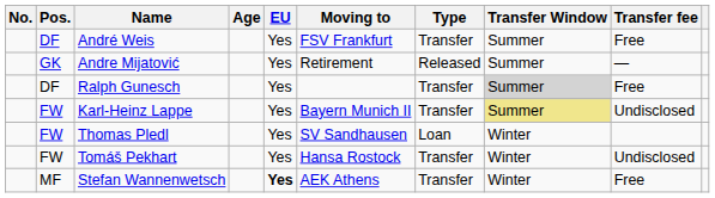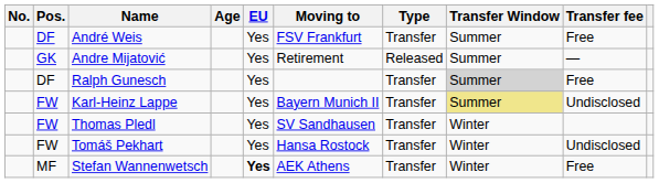 <table class="wikitable" Style="font-size:90%">
 <tr>
 <th>No.</th>
 <th>Pos.</th>
 <th>Name</th>
 <th>Age</th>
 <th><a href='#'>EU</a></th>
 <th>Moving to</th>
 <th>Type</th>
 <th>Transfer Window</th>
 <th>Transfer fee</th>
 <th></th>
 </tr>
 <tr>
 <td></td>
 <td><a href='#'>DF</a></td>
 <td> <a href='#'>André Weis</a></td>
 <td></td>
 <td>Yes</td>
 <td><a href='#'>FSV Frankfurt</a></td>
 <td>Transfer</td>
 <td>Summer</td>
 <td>Free</td>
 <td></td>
 </tr>
 <tr>
 <td></td>
 <td><a href='#'>GK</a></td>
 <td> <a href='#'>Andre Mijatović</a></td>
 <td></td>
 <td>Yes</td>
 <td>Retirement</td>
 <td>Released</td>
 <td>Summer</td>
 <td>—</td>
 <td></td>
 </tr>
 <tr>
 <td></td>
 <td>DF</td>
 <td> <a href='#'>Ralph Gunesch</a></td>
 <td></td>
 <td>Yes</td>
 <td></td>
 <td>Transfer</td>
 <td style="background: lightgrey;">Summer</td>
 <td>Free</td>
 <td></td>
 </tr>
 <tr>
 <td></td>
 <td><a href='#'>FW</a></td>
 <td> <a href='#'>Karl-Heinz Lappe</a></td>
 <td></td>
 <td>Yes</td>
 <td><a href='#'>Bayern Munich II</a></td>
 <td>Transfer</td>
 <td style="background: khaki;">Summer</td>
 <td>Undisclosed</td>
 <td></td>
 </tr>
 <tr>
 <td></td>
 <td><a href='#'>FW</a></td>
 <td> <a href='#'>Thomas Pledl</a></td>
 <td></td>
 <td>Yes</td>
 <td><a href='#'>SV Sandhausen</a></td>
-<td>Loan</td>
+<td>Transfer</td>
 <td>Winter</td>
 <td></td>
 <td></td>
 </tr>
 <tr>
 <td></td>
 <td>FW</td>
 <td> <a href='#'>Tomáš Pekhart</a></td>
 <td></td>
 <td>Yes</td>
 <td><a href='#'>Hansa Rostock</a></td>
 <td>Transfer</td>
 <td>Winter</td>
 <td>Undisclosed</td>
 <td></td>
 </tr>
 <tr>
 <td></td>
 <td>MF</td>
 <td> <a href='#'>Stefan Wannenwetsch</a></td>
 <td></td>
 <td><strong>Yes</strong></td>
 <td><a href='#'>AEK Athens</a></td>
 <td>Transfer</td>
 <td>Winter</td>
 <td>Free</td>
 <td></td>
 </tr>
 </table>
